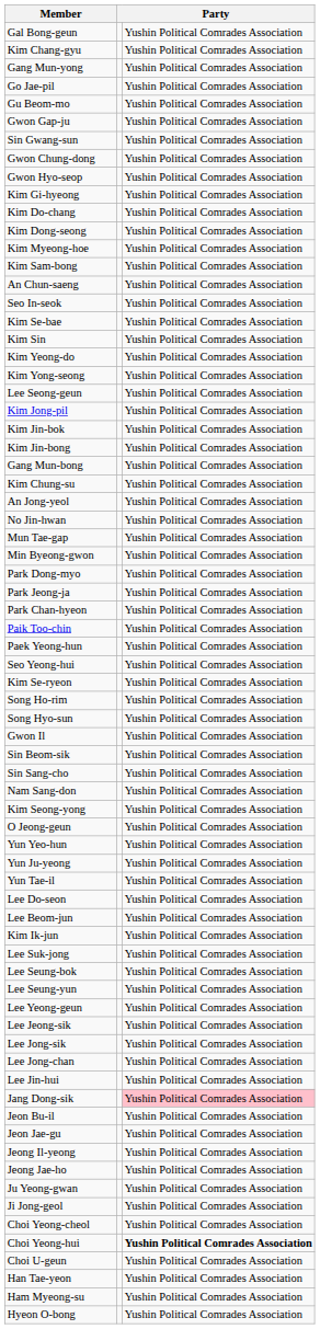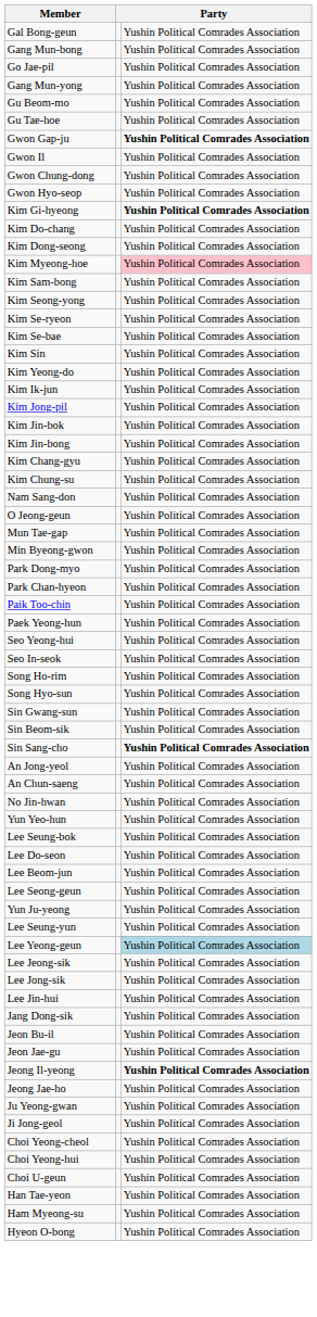 <table class="wikitable sortable plainrowheaders">
 <tr>
 <th width="150px">Member</th>
 <th colspan="2">Party</th>
 </tr>
 <tr>
 <td>Gal Bong-geun</td>
 <td></td>
 <td>Yushin Political Comrades Association</td>
 </tr>
 <tr>
-<td>Kim Chang-gyu</td>
+<td>Gang Mun-bong</td>
+<td></td>
+<td>Yushin Political Comrades Association</td>
+</tr>
+<tr>
+<td>Go Jae-pil</td>
 <td></td>
 <td>Yushin Political Comrades Association</td>
 </tr>
 <tr>
 <td>Gang Mun-yong</td>
 <td></td>
 <td>Yushin Political Comrades Association</td>
 </tr>
 <tr>
-<td>Go Jae-pil</td>
+<td>Gu Beom-mo</td>
 <td></td>
 <td>Yushin Political Comrades Association</td>
 </tr>
 <tr>
-<td>Gu Beom-mo</td>
+<td>Gu Tae-hoe</td>
 <td></td>
 <td>Yushin Political Comrades Association</td>
 </tr>
 <tr>
 <td>Gwon Gap-ju</td>
 <td></td>
-<td>Yushin Political Comrades Association</td>
+<td><strong>Yushin Political Comrades Association</strong></td>
 </tr>
 <tr>
-<td>Sin Gwang-sun</td>
+<td>Gwon Il</td>
 <td></td>
 <td>Yushin Political Comrades Association</td>
 </tr>
 <tr>
 <td>Gwon Chung-dong</td>
 <td></td>
 <td>Yushin Political Comrades Association</td>
 </tr>
 <tr>
 <td>Gwon Hyo-seop</td>
 <td></td>
 <td>Yushin Political Comrades Association</td>
 </tr>
 <tr>
 <td>Kim Gi-hyeong</td>
 <td></td>
-<td>Yushin Political Comrades Association</td>
+<td><strong>Yushin Political Comrades Association</strong></td>
 </tr>
 <tr>
 <td>Kim Do-chang</td>
 <td></td>
 <td>Yushin Political Comrades Association</td>
 </tr>
 <tr>
 <td>Kim Dong-seong</td>
 <td></td>
 <td>Yushin Political Comrades Association</td>
 </tr>
 <tr>
 <td>Kim Myeong-hoe</td>
 <td></td>
-<td>Yushin Political Comrades Association</td>
+<td style="background: pink;">Yushin Political Comrades Association</td>
 </tr>
 <tr>
 <td>Kim Sam-bong</td>
 <td></td>
 <td>Yushin Political Comrades Association</td>
 </tr>
 <tr>
-<td>An Chun-saeng</td>
+<td>Kim Seong-yong</td>
 <td></td>
 <td>Yushin Political Comrades Association</td>
 </tr>
 <tr>
-<td>Seo In-seok</td>
+<td>Kim Se-ryeon</td>
 <td></td>
 <td>Yushin Political Comrades Association</td>
 </tr>
 <tr>
 <td>Kim Se-bae</td>
 <td></td>
 <td>Yushin Political Comrades Association</td>
 </tr>
 <tr>
 <td>Kim Sin</td>
 <td></td>
 <td>Yushin Political Comrades Association</td>
 </tr>
 <tr>
 <td>Kim Yeong-do</td>
 <td></td>
 <td>Yushin Political Comrades Association</td>
 </tr>
 <tr>
-<td>Kim Yong-seong</td>
-<td></td>
-<td>Yushin Political Comrades Association</td>
-</tr>
-<tr>
-<td>Lee Seong-geun</td>
+<td>Kim Ik-jun</td>
 <td></td>
 <td>Yushin Political Comrades Association</td>
 </tr>
 <tr>
 <td><a href='#'>Kim Jong-pil</a></td>
 <td></td>
 <td>Yushin Political Comrades Association</td>
 </tr>
 <tr>
 <td>Kim Jin-bok</td>
 <td></td>
 <td>Yushin Political Comrades Association</td>
 </tr>
 <tr>
 <td>Kim Jin-bong</td>
 <td></td>
 <td>Yushin Political Comrades Association</td>
 </tr>
 <tr>
-<td>Gang Mun-bong</td>
+<td>Kim Chang-gyu</td>
 <td></td>
 <td>Yushin Political Comrades Association</td>
 </tr>
 <tr>
 <td>Kim Chung-su</td>
 <td></td>
 <td>Yushin Political Comrades Association</td>
 </tr>
 <tr>
-<td>An Jong-yeol</td>
+<td>Nam Sang-don</td>
 <td></td>
 <td>Yushin Political Comrades Association</td>
 </tr>
 <tr>
-<td>No Jin-hwan</td>
+<td>O Jeong-geun</td>
 <td></td>
 <td>Yushin Political Comrades Association</td>
 </tr>
 <tr>
 <td>Mun Tae-gap</td>
 <td></td>
 <td>Yushin Political Comrades Association</td>
 </tr>
 <tr>
 <td>Min Byeong-gwon</td>
 <td></td>
 <td>Yushin Political Comrades Association</td>
 </tr>
 <tr>
 <td>Park Dong-myo</td>
-<td></td>
-<td>Yushin Political Comrades Association</td>
-</tr>
-<tr>
-<td>Park Jeong-ja</td>
 <td></td>
 <td>Yushin Political Comrades Association</td>
 </tr>
 <tr>
 <td>Park Chan-hyeon</td>
 <td></td>
 <td>Yushin Political Comrades Association</td>
 </tr>
 <tr>
 <td><a href='#'>Paik Too-chin</a></td>
 <td></td>
 <td>Yushin Political Comrades Association</td>
 </tr>
 <tr>
 <td>Paek Yeong-hun</td>
 <td></td>
 <td>Yushin Political Comrades Association</td>
 </tr>
 <tr>
 <td>Seo Yeong-hui</td>
 <td></td>
 <td>Yushin Political Comrades Association</td>
 </tr>
 <tr>
-<td>Kim Se-ryeon</td>
+<td>Seo In-seok</td>
 <td></td>
 <td>Yushin Political Comrades Association</td>
 </tr>
 <tr>
 <td>Song Ho-rim</td>
 <td></td>
 <td>Yushin Political Comrades Association</td>
 </tr>
 <tr>
 <td>Song Hyo-sun</td>
 <td></td>
 <td>Yushin Political Comrades Association</td>
 </tr>
 <tr>
-<td>Gwon Il</td>
+<td>Sin Gwang-sun</td>
 <td></td>
 <td>Yushin Political Comrades Association</td>
 </tr>
 <tr>
 <td>Sin Beom-sik</td>
 <td></td>
 <td>Yushin Political Comrades Association</td>
 </tr>
 <tr>
 <td>Sin Sang-cho</td>
 <td></td>
-<td>Yushin Political Comrades Association</td>
+<td><strong>Yushin Political Comrades Association</strong></td>
 </tr>
 <tr>
-<td>Nam Sang-don</td>
+<td>An Jong-yeol</td>
 <td></td>
 <td>Yushin Political Comrades Association</td>
 </tr>
 <tr>
-<td>Kim Seong-yong</td>
+<td>An Chun-saeng</td>
 <td></td>
 <td>Yushin Political Comrades Association</td>
 </tr>
 <tr>
-<td>O Jeong-geun</td>
+<td>No Jin-hwan</td>
 <td></td>
 <td>Yushin Political Comrades Association</td>
 </tr>
 <tr>
 <td>Yun Yeo-hun</td>
 <td></td>
 <td>Yushin Political Comrades Association</td>
 </tr>
 <tr>
-<td>Yun Ju-yeong</td>
-<td></td>
-<td>Yushin Political Comrades Association</td>
-</tr>
-<tr>
-<td>Yun Tae-il</td>
+<td>Lee Seung-bok</td>
 <td></td>
 <td>Yushin Political Comrades Association</td>
 </tr>
 <tr>
 <td>Lee Do-seon</td>
 <td></td>
 <td>Yushin Political Comrades Association</td>
 </tr>
 <tr>
 <td>Lee Beom-jun</td>
 <td></td>
 <td>Yushin Political Comrades Association</td>
 </tr>
 <tr>
-<td>Kim Ik-jun</td>
+<td>Lee Seong-geun</td>
 <td></td>
 <td>Yushin Political Comrades Association</td>
 </tr>
 <tr>
-<td>Lee Suk-jong</td>
-<td></td>
-<td>Yushin Political Comrades Association</td>
-</tr>
-<tr>
-<td>Lee Seung-bok</td>
+<td>Yun Ju-yeong</td>
 <td></td>
 <td>Yushin Political Comrades Association</td>
 </tr>
 <tr>
 <td>Lee Seung-yun</td>
 <td></td>
 <td>Yushin Political Comrades Association</td>
 </tr>
 <tr>
 <td>Lee Yeong-geun</td>
 <td></td>
-<td>Yushin Political Comrades Association</td>
+<td style="background: lightblue;">Yushin Political Comrades Association</td>
 </tr>
 <tr>
 <td>Lee Jeong-sik</td>
 <td></td>
 <td>Yushin Political Comrades Association</td>
 </tr>
 <tr>
 <td>Lee Jong-sik</td>
 <td></td>
 <td>Yushin Political Comrades Association</td>
 </tr>
 <tr>
-<td>Lee Jong-chan</td>
-<td></td>
-<td>Yushin Political Comrades Association</td>
-</tr>
-<tr>
 <td>Lee Jin-hui</td>
 <td></td>
 <td>Yushin Political Comrades Association</td>
 </tr>
 <tr>
 <td>Jang Dong-sik</td>
 <td></td>
-<td style="background: pink;">Yushin Political Comrades Association</td>
+<td>Yushin Political Comrades Association</td>
 </tr>
 <tr>
 <td>Jeon Bu-il</td>
 <td></td>
 <td>Yushin Political Comrades Association</td>
 </tr>
 <tr>
 <td>Jeon Jae-gu</td>
 <td></td>
 <td>Yushin Political Comrades Association</td>
 </tr>
 <tr>
 <td>Jeong Il-yeong</td>
 <td></td>
-<td>Yushin Political Comrades Association</td>
+<td><strong>Yushin Political Comrades Association</strong></td>
 </tr>
 <tr>
 <td>Jeong Jae-ho</td>
 <td></td>
 <td>Yushin Political Comrades Association</td>
 </tr>
 <tr>
 <td>Ju Yeong-gwan</td>
 <td></td>
 <td>Yushin Political Comrades Association</td>
 </tr>
 <tr>
 <td>Ji Jong-geol</td>
 <td></td>
 <td>Yushin Political Comrades Association</td>
 </tr>
 <tr>
 <td>Choi Yeong-cheol</td>
 <td></td>
 <td>Yushin Political Comrades Association</td>
 </tr>
 <tr>
 <td>Choi Yeong-hui</td>
 <td></td>
-<td><strong>Yushin Political Comrades Association</strong></td>
+<td>Yushin Political Comrades Association</td>
 </tr>
 <tr>
 <td>Choi U-geun</td>
 <td></td>
 <td>Yushin Political Comrades Association</td>
 </tr>
 <tr>
 <td>Han Tae-yeon</td>
 <td></td>
 <td>Yushin Political Comrades Association</td>
 </tr>
 <tr>
 <td>Ham Myeong-su</td>
 <td></td>
 <td>Yushin Political Comrades Association</td>
 </tr>
 <tr>
 <td>Hyeon O-bong</td>
 <td></td>
 <td>Yushin Political Comrades Association</td>
 </tr>
 </table>
